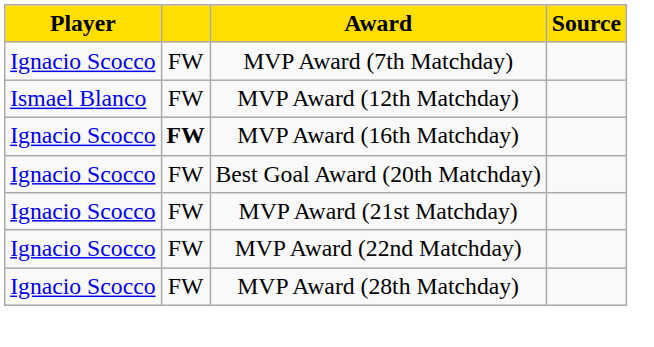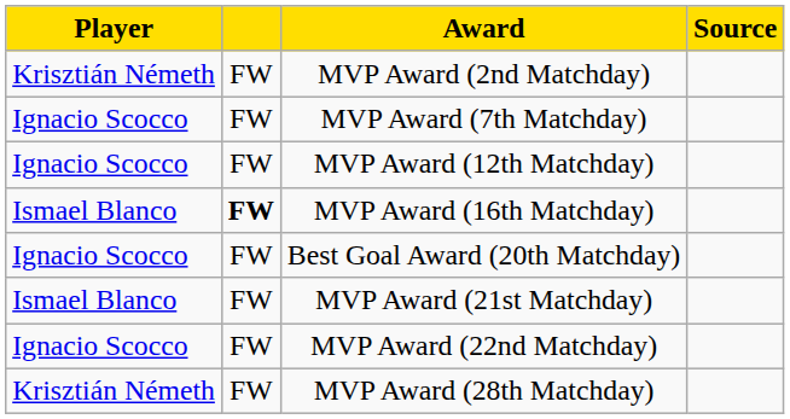 <table class="wikitable">
 <tr>
 <th style="background:#FFDE00">Player</th>
 <th style="background:#FFDE00"></th>
 <th style="background:#FFDE00">Award</th>
 <th style="background:#FFDE00">Source</th>
 </tr>
 <tr>
+<td> <a href='#'>Krisztián Németh</a></td>
+<td align="center">FW</td>
+<td align="center">MVP Award (2nd Matchday)</td>
+<td align="center"></td>
+</tr>
+<tr>
 <td> <a href='#'>Ignacio Scocco</a></td>
 <td align="center">FW</td>
 <td align="center">MVP Award (7th Matchday)</td>
 <td align="center"></td>
 </tr>
 <tr>
-<td> <a href='#'>Ismael Blanco</a></td>
+<td> <a href='#'>Ignacio Scocco</a></td>
 <td align="center">FW</td>
 <td align="center">MVP Award (12th Matchday)</td>
 <td align="center"></td>
 </tr>
 <tr>
-<td> <a href='#'>Ignacio Scocco</a></td>
+<td> <a href='#'>Ismael Blanco</a></td>
 <td align="center"><strong>FW</strong></td>
 <td align="center">MVP Award (16th Matchday)</td>
 <td align="center"></td>
 </tr>
 <tr>
 <td> <a href='#'>Ignacio Scocco</a></td>
 <td align="center">FW</td>
 <td align="center">Best Goal Award (20th Matchday)</td>
 <td align="center"></td>
 </tr>
 <tr>
-<td> <a href='#'>Ignacio Scocco</a></td>
+<td> <a href='#'>Ismael Blanco</a></td>
 <td align="center">FW</td>
 <td align="center">MVP Award (21st Matchday)</td>
 <td align="center"></td>
 </tr>
 <tr>
 <td> <a href='#'>Ignacio Scocco</a></td>
 <td align="center">FW</td>
 <td align="center">MVP Award (22nd Matchday)</td>
 <td align="center"></td>
 </tr>
 <tr>
-<td> <a href='#'>Ignacio Scocco</a></td>
+<td> <a href='#'>Krisztián Németh</a></td>
 <td align="center">FW</td>
 <td align="center">MVP Award (28th Matchday)</td>
 <td align="center"></td>
 </tr>
 </table>
